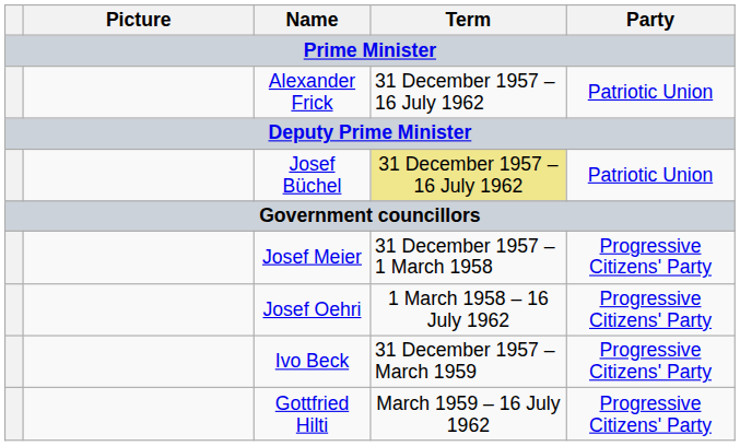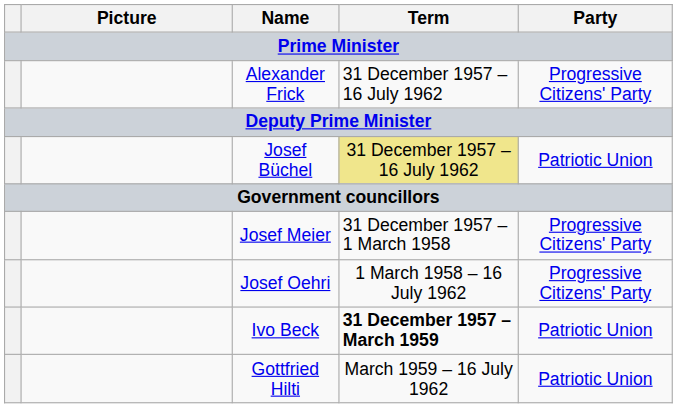 <table class="wikitable" style="text-align:center">
 <tr>
 <th style="width: 0.5em"></th>
 <th style="width: 11.5em"><strong>Picture</strong></th>
 <th><strong>Name</strong></th>
 <th><strong>Term</strong></th>
 <th><strong>Party</strong></th>
 </tr>
 <tr>
 <th colspan="6" style="background:#CCD2D9"><a href='#'>Prime Minister</a></th>
 </tr>
 <tr>
 <th style="background:"></th>
 <td></td>
 <td><a href='#'>Alexander Frick</a></td>
 <td style="text-align:left">31 December 1957 – 16 July 1962</td>
-<td><a href='#'>Patriotic Union</a></td>
+<td><a href='#'>Progressive Citizens' Party</a></td>
 </tr>
 <tr>
 <th colspan="6" style="background:#CCD2D9"><a href='#'>Deputy Prime Minister</a></th>
 </tr>
 <tr>
 <th style="background:"></th>
 <td></td>
 <td><a href='#'>Josef Büchel</a></td>
 <td style="background: khaki;">31 December 1957 – 16 July 1962</td>
 <td><a href='#'>Patriotic Union</a></td>
 </tr>
 <tr>
 <th colspan="6" style="background:#CCD2D9">Government councillors</th>
 </tr>
 <tr>
 <th style="background:"></th>
 <td></td>
 <td><a href='#'>Josef Meier</a></td>
 <td style="text-align:left">31 December 1957 – 1 March 1958</td>
 <td><a href='#'>Progressive Citizens' Party</a></td>
 </tr>
 <tr>
 <th style="background:"></th>
 <td></td>
 <td><a href='#'>Josef Oehri</a></td>
 <td>1 March 1958 – 16 July 1962</td>
 <td><a href='#'>Progressive Citizens' Party</a></td>
 </tr>
 <tr>
 <th style="background:"></th>
 <td></td>
 <td><a href='#'>Ivo Beck</a></td>
-<td style="text-align:left">31 December 1957 – March 1959</td>
-<td><a href='#'>Progressive Citizens' Party</a></td>
+<td style="text-align:left"><strong>31 December 1957 – March 1959</strong></td>
+<td><a href='#'>Patriotic Union</a></td>
 </tr>
 <tr>
 <th style="background:"></th>
 <td></td>
 <td><a href='#'>Gottfried Hilti</a></td>
 <td>March 1959 – 16 July 1962</td>
-<td><a href='#'>Progressive Citizens' Party</a></td>
+<td><a href='#'>Patriotic Union</a></td>
 </tr>
 </table>
